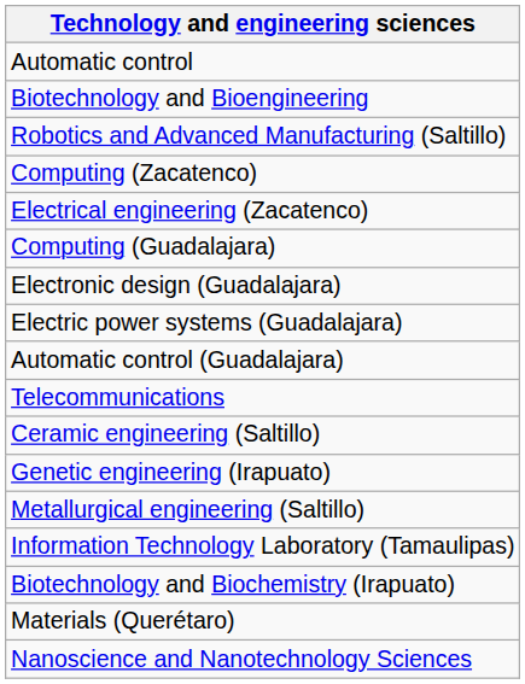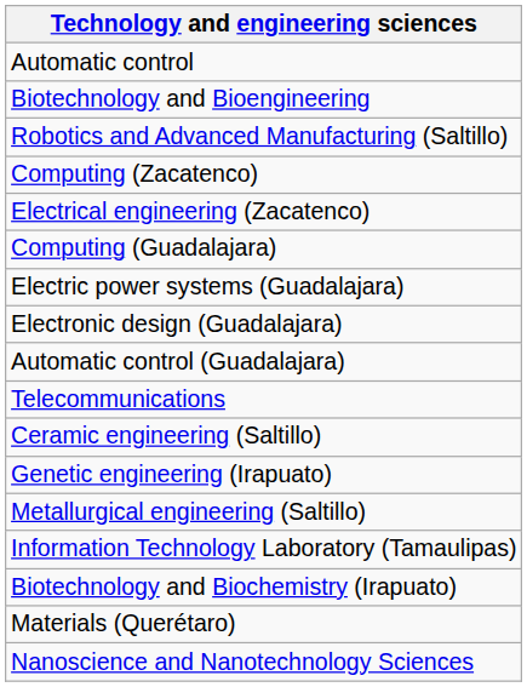 <table class="wikitable">
 <tr>
 <th><a href='#'>Technology</a> and <a href='#'>engineering</a> sciences</th>
 </tr>
 <tr>
 <td>Automatic control</td>
 </tr>
 <tr>
 <td><a href='#'>Biotechnology</a> and <a href='#'>Bioengineering</a></td>
 </tr>
 <tr>
 <td><a href='#'>Robotics and Advanced Manufacturing</a> (Saltillo)</td>
 </tr>
 <tr>
 <td><a href='#'>Computing</a> (Zacatenco)</td>
 </tr>
 <tr>
 <td><a href='#'>Electrical engineering</a> (Zacatenco)</td>
 </tr>
 <tr>
 <td><a href='#'>Computing</a> (Guadalajara)</td>
 </tr>
 <tr>
-<td>Electronic design (Guadalajara)</td>
+<td>Electric power systems (Guadalajara)</td>
 </tr>
 <tr>
-<td>Electric power systems (Guadalajara)</td>
+<td>Electronic design (Guadalajara)</td>
 </tr>
 <tr>
 <td>Automatic control (Guadalajara)</td>
 </tr>
 <tr>
 <td><a href='#'>Telecommunications</a></td>
 </tr>
 <tr>
 <td><a href='#'>Ceramic engineering</a> (Saltillo)</td>
 </tr>
 <tr>
 <td><a href='#'>Genetic engineering</a> (Irapuato)</td>
 </tr>
 <tr>
 <td><a href='#'>Metallurgical engineering</a> (Saltillo)</td>
 </tr>
 <tr>
 <td><a href='#'>Information Technology</a> Laboratory (Tamaulipas)</td>
 </tr>
 <tr>
 <td><a href='#'>Biotechnology</a> and <a href='#'>Biochemistry</a> (Irapuato)</td>
 </tr>
 <tr>
 <td>Materials (Querétaro)</td>
 </tr>
 <tr>
 <td><a href='#'>Nanoscience and Nanotechnology Sciences</a></td>
 </tr>
 </table>
